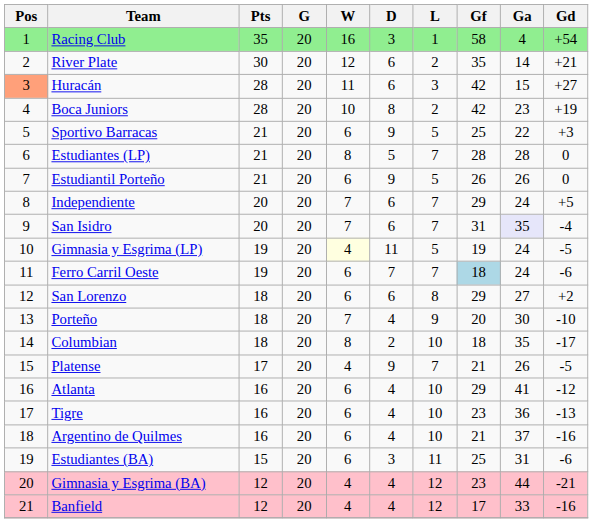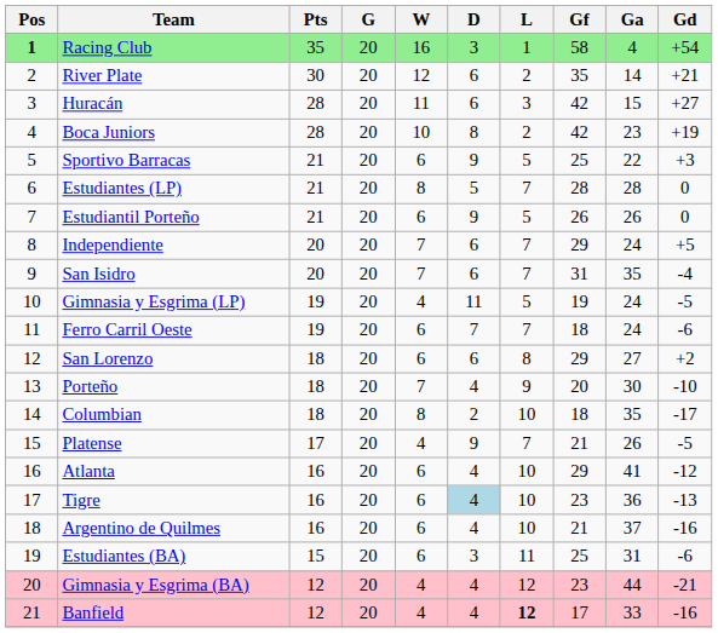 <table class="wikitable" style="text-align:center">
 <tr>
 <th width=40px>Pos</th>
 <th width=200px>Team</th>
 <th width=40px>Pts</th>
 <th width=40px>G</th>
 <th width=40px>W</th>
 <th width=40px>D</th>
 <th width=40px>L</th>
 <th width=40px>Gf</th>
 <th width=40px>Ga</th>
 <th width=40px>Gd</th>
 </tr>
 <tr bgcolor="lightgreen">
-<td>1</td>
+<td><strong>1</strong></td>
 <td align="left"><a href='#'>Racing Club</a></td>
 <td>35</td>
 <td>20</td>
 <td>16</td>
 <td>3</td>
 <td>1</td>
 <td>58</td>
 <td>4</td>
 <td>+54</td>
 </tr>
 <tr>
 <td>2</td>
 <td align="left"><a href='#'>River Plate</a></td>
 <td>30</td>
 <td>20</td>
 <td>12</td>
 <td>6</td>
 <td>2</td>
 <td>35</td>
 <td>14</td>
 <td>+21</td>
 </tr>
 <tr>
-<td style="background: lightsalmon;">3</td>
+<td>3</td>
 <td align="left"><a href='#'>Huracán</a></td>
 <td>28</td>
 <td>20</td>
 <td>11</td>
 <td>6</td>
 <td>3</td>
 <td>42</td>
 <td>15</td>
 <td>+27</td>
 </tr>
 <tr>
 <td>4</td>
 <td align="left"><a href='#'>Boca Juniors</a></td>
 <td>28</td>
 <td>20</td>
 <td>10</td>
 <td>8</td>
 <td>2</td>
 <td>42</td>
 <td>23</td>
 <td>+19</td>
 </tr>
 <tr>
 <td>5</td>
 <td align="left"><a href='#'>Sportivo Barracas</a></td>
 <td>21</td>
 <td>20</td>
 <td>6</td>
 <td>9</td>
 <td>5</td>
 <td>25</td>
 <td>22</td>
 <td>+3</td>
 </tr>
 <tr>
 <td>6</td>
 <td align="left"><a href='#'>Estudiantes (LP)</a></td>
 <td>21</td>
 <td>20</td>
 <td>8</td>
 <td>5</td>
 <td>7</td>
 <td>28</td>
 <td>28</td>
 <td>0</td>
 </tr>
 <tr>
 <td>7</td>
 <td align="left"><a href='#'>Estudiantil Porteño</a></td>
 <td>21</td>
 <td>20</td>
 <td>6</td>
 <td>9</td>
 <td>5</td>
 <td>26</td>
 <td>26</td>
 <td>0</td>
 </tr>
 <tr>
 <td>8</td>
 <td align="left"><a href='#'>Independiente</a></td>
 <td>20</td>
 <td>20</td>
 <td>7</td>
 <td>6</td>
 <td>7</td>
 <td>29</td>
 <td>24</td>
 <td>+5</td>
 </tr>
 <tr>
 <td>9</td>
 <td align="left"><a href='#'>San Isidro</a></td>
 <td>20</td>
 <td>20</td>
 <td>7</td>
 <td>6</td>
 <td>7</td>
 <td>31</td>
-<td style="background: lavender;">35</td>
+<td>35</td>
 <td>-4</td>
 </tr>
 <tr>
 <td>10</td>
 <td align="left"><a href='#'>Gimnasia y Esgrima (LP)</a></td>
 <td>19</td>
 <td>20</td>
-<td style="background: lightyellow;">4</td>
+<td>4</td>
 <td>11</td>
 <td>5</td>
 <td>19</td>
 <td>24</td>
 <td>-5</td>
 </tr>
 <tr>
 <td>11</td>
 <td align="left"><a href='#'>Ferro Carril Oeste</a></td>
 <td>19</td>
 <td>20</td>
 <td>6</td>
 <td>7</td>
 <td>7</td>
-<td style="background: lightblue;">18</td>
+<td>18</td>
 <td>24</td>
 <td>-6</td>
 </tr>
 <tr>
 <td>12</td>
 <td align="left"><a href='#'>San Lorenzo</a></td>
 <td>18</td>
 <td>20</td>
 <td>6</td>
 <td>6</td>
 <td>8</td>
 <td>29</td>
 <td>27</td>
 <td>+2</td>
 </tr>
 <tr>
 <td>13</td>
 <td align="left"><a href='#'>Porteño</a></td>
 <td>18</td>
 <td>20</td>
 <td>7</td>
 <td>4</td>
 <td>9</td>
 <td>20</td>
 <td>30</td>
 <td>-10</td>
 </tr>
 <tr>
 <td>14</td>
 <td align="left"><a href='#'>Columbian</a></td>
 <td>18</td>
 <td>20</td>
 <td>8</td>
 <td>2</td>
 <td>10</td>
 <td>18</td>
 <td>35</td>
 <td>-17</td>
 </tr>
 <tr>
 <td>15</td>
 <td align="left"><a href='#'>Platense</a></td>
 <td>17</td>
 <td>20</td>
 <td>4</td>
 <td>9</td>
 <td>7</td>
 <td>21</td>
 <td>26</td>
 <td>-5</td>
 </tr>
 <tr>
 <td>16</td>
 <td align="left"><a href='#'>Atlanta</a></td>
 <td>16</td>
 <td>20</td>
 <td>6</td>
 <td>4</td>
 <td>10</td>
 <td>29</td>
 <td>41</td>
 <td>-12</td>
 </tr>
 <tr>
 <td>17</td>
 <td align="left"><a href='#'>Tigre</a></td>
 <td>16</td>
 <td>20</td>
 <td>6</td>
-<td>4</td>
+<td style="background: lightblue;">4</td>
 <td>10</td>
 <td>23</td>
 <td>36</td>
 <td>-13</td>
 </tr>
 <tr>
 <td>18</td>
 <td align="left"><a href='#'>Argentino de Quilmes</a></td>
 <td>16</td>
 <td>20</td>
 <td>6</td>
 <td>4</td>
 <td>10</td>
 <td>21</td>
 <td>37</td>
 <td>-16</td>
 </tr>
 <tr>
 <td>19</td>
 <td align="left"><a href='#'>Estudiantes (BA)</a></td>
 <td>15</td>
 <td>20</td>
 <td>6</td>
 <td>3</td>
 <td>11</td>
 <td>25</td>
 <td>31</td>
 <td>-6</td>
 </tr>
 <tr bgcolor="pink">
 <td>20</td>
 <td align="left"><a href='#'>Gimnasia y Esgrima (BA)</a></td>
 <td>12</td>
 <td>20</td>
 <td>4</td>
 <td>4</td>
 <td>12</td>
 <td>23</td>
 <td>44</td>
 <td>-21</td>
 </tr>
 <tr bgcolor="pink">
 <td>21</td>
 <td align="left"><a href='#'>Banfield</a></td>
 <td>12</td>
 <td>20</td>
 <td>4</td>
 <td>4</td>
-<td>12</td>
+<td><strong>12</strong></td>
 <td>17</td>
 <td>33</td>
 <td>-16</td>
 </tr>
 <tr>
 </tr>
 </table>
